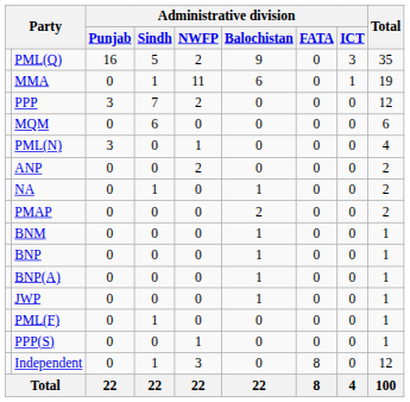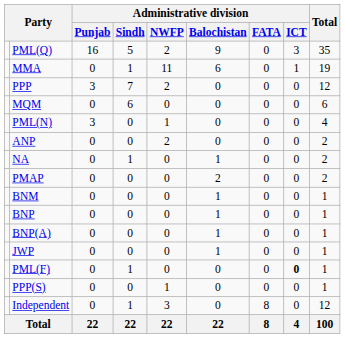 <table class="wikitable" style="text-align:center">
 <tr>
 <th colspan="2" rowspan="2">Party</th>
 <th colspan="6">Administrative division</th>
 <th rowspan="2">Total</th>
 </tr>
 <tr>
 <th><a href='#'>Punjab</a></th>
 <th><a href='#'>Sindh</a></th>
 <th><a href='#'>NWFP</a></th>
 <th><a href='#'>Balochistan</a></th>
 <th><a href='#'>FATA</a></th>
 <th><a href='#'>ICT</a></th>
 </tr>
 <tr>
 <td style="background:"></td>
 <td style="text-align:left;"><a href='#'>PML(Q)</a></td>
 <td>16</td>
 <td>5</td>
 <td>2</td>
 <td>9</td>
 <td>0</td>
 <td>3</td>
 <td>35</td>
 </tr>
 <tr>
 <td style="background:"></td>
 <td style="text-align:left;"><a href='#'>MMA</a></td>
 <td>0</td>
 <td>1</td>
 <td>11</td>
 <td>6</td>
 <td>0</td>
 <td>1</td>
 <td>19</td>
 </tr>
 <tr>
 <td style="background:"></td>
 <td style="text-align:left;"><a href='#'>PPP</a></td>
 <td>3</td>
 <td>7</td>
 <td>2</td>
 <td>0</td>
 <td>0</td>
 <td>0</td>
 <td>12</td>
 </tr>
 <tr>
 <td style="background:"></td>
 <td style="text-align:left;"><a href='#'>MQM</a></td>
 <td>0</td>
 <td>6</td>
 <td>0</td>
 <td>0</td>
 <td>0</td>
 <td>0</td>
 <td>6</td>
 </tr>
 <tr>
 <td style="background:"></td>
 <td style="text-align:left;"><a href='#'>PML(N)</a></td>
 <td>3</td>
 <td>0</td>
 <td>1</td>
 <td>0</td>
 <td>0</td>
 <td>0</td>
 <td>4</td>
 </tr>
 <tr>
 <td style="background:"></td>
 <td style="text-align:left;"><a href='#'>ANP</a></td>
 <td>0</td>
 <td>0</td>
 <td>2</td>
 <td>0</td>
 <td>0</td>
 <td>0</td>
 <td>2</td>
 </tr>
 <tr>
 <td style="background:"></td>
 <td style="text-align:left;"><a href='#'>NA</a></td>
 <td>0</td>
 <td>1</td>
 <td>0</td>
 <td>1</td>
 <td>0</td>
 <td>0</td>
 <td>2</td>
 </tr>
 <tr>
 <td style="background:"></td>
 <td style="text-align:left;"><a href='#'>PMAP</a></td>
 <td>0</td>
 <td>0</td>
 <td>0</td>
 <td>2</td>
 <td>0</td>
 <td>0</td>
 <td>2</td>
 </tr>
 <tr>
 <td style="background:"></td>
 <td style="text-align:left;"><a href='#'>BNM</a></td>
 <td>0</td>
 <td>0</td>
 <td>0</td>
 <td>1</td>
 <td>0</td>
 <td>0</td>
 <td>1</td>
 </tr>
 <tr>
 <td style="background:"></td>
 <td style="text-align:left;"><a href='#'>BNP</a></td>
 <td>0</td>
 <td>0</td>
 <td>0</td>
 <td>1</td>
 <td>0</td>
 <td>0</td>
 <td>1</td>
 </tr>
 <tr>
 <td style="background:"></td>
 <td style="text-align:left;"><a href='#'>BNP(A)</a></td>
 <td>0</td>
 <td>0</td>
 <td>0</td>
 <td>1</td>
 <td>0</td>
 <td>0</td>
 <td>1</td>
 </tr>
 <tr>
 <td style="background:"></td>
 <td style="text-align:left;"><a href='#'>JWP</a></td>
 <td>0</td>
 <td>0</td>
 <td>0</td>
 <td>1</td>
 <td>0</td>
 <td>0</td>
 <td>1</td>
 </tr>
 <tr>
 <td style="background:"></td>
 <td style="text-align:left;"><a href='#'>PML(F)</a></td>
 <td>0</td>
 <td>1</td>
 <td>0</td>
 <td>0</td>
 <td>0</td>
-<td>0</td>
+<td><strong>0</strong></td>
 <td>1</td>
 </tr>
 <tr>
 <td style="background:"></td>
 <td style="text-align:left;"><a href='#'>PPP(S)</a></td>
 <td>0</td>
 <td>0</td>
 <td>1</td>
 <td>0</td>
 <td>0</td>
 <td>0</td>
 <td>1</td>
 </tr>
 <tr>
 <td style="background:"></td>
 <td style="text-align:left;"><a href='#'>Independent</a></td>
 <td>0</td>
 <td>1</td>
 <td>3</td>
 <td>0</td>
 <td>8</td>
 <td>0</td>
 <td>12</td>
 </tr>
 <tr>
 <th colspan="2">Total</th>
 <th>22</th>
 <th>22</th>
 <th>22</th>
 <th>22</th>
 <th>8</th>
 <th>4</th>
 <th>100</th>
 </tr>
 </table>
